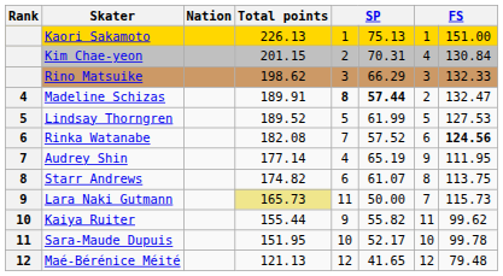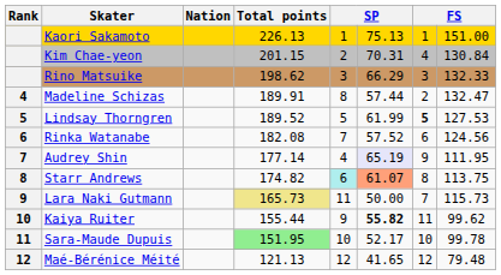 <table class="wikitable sortable" style="text-align:left">
 <tr>
 <th scope="col">Rank</th>
 <th scope="col">Skater</th>
 <th scope="col">Nation</th>
 <th scope="col">Total points</th>
 <th scope="col" colspan="2" width="80px"><a href='#'>SP</a></th>
 <th scope="col" colspan="2" width="80px"><a href='#'>FS</a></th>
 </tr>
 <tr bgcolor="gold">
 <th scope="row"></th>
 <td><a href='#'>Kaori Sakamoto</a></td>
 <td></td>
 <td align="center">226.13</td>
 <td align="center">1</td>
 <td align="center">75.13</td>
 <td align="center">1</td>
 <td align="center">151.00</td>
 </tr>
 <tr bgcolor="silver">
 <th scope="row"></th>
 <td><a href='#'>Kim Chae-yeon</a></td>
 <td></td>
 <td align="center">201.15</td>
 <td align="center">2</td>
 <td align="center">70.31</td>
 <td align="center">4</td>
 <td align="center">130.84</td>
 </tr>
 <tr bgcolor="cc9966">
 <th scope="row"></th>
 <td><a href='#'>Rino Matsuike</a></td>
 <td></td>
 <td align="center">198.62</td>
 <td align="center">3</td>
 <td align="center">66.29</td>
 <td align="center">3</td>
 <td align="center">132.33</td>
 </tr>
 <tr>
 <th scope="row">4</th>
 <td><a href='#'>Madeline Schizas</a></td>
 <td></td>
 <td align="center">189.91</td>
-<td align="center"><strong>8</strong></td>
-<td align="center"><strong>57.44</strong></td>
+<td align="center">8</td>
+<td align="center">57.44</td>
 <td align="center">2</td>
 <td align="center">132.47</td>
 </tr>
 <tr>
 <th scope="row">5</th>
 <td><a href='#'>Lindsay Thorngren</a></td>
 <td></td>
 <td align="center">189.52</td>
 <td align="center">5</td>
 <td align="center">61.99</td>
-<td align="center">5</td>
+<td align="center"><strong>5</strong></td>
 <td align="center">127.53</td>
 </tr>
 <tr>
 <th scope="row">6</th>
 <td><a href='#'>Rinka Watanabe</a></td>
 <td></td>
 <td align="center">182.08</td>
 <td align="center">7</td>
 <td align="center">57.52</td>
 <td align="center">6</td>
-<td align="center"><strong>124.56</strong></td>
+<td align="center">124.56</td>
 </tr>
 <tr>
 <th scope="row">7</th>
 <td><a href='#'>Audrey Shin</a></td>
 <td></td>
 <td align="center">177.14</td>
 <td align="center">4</td>
-<td align="center">65.19</td>
+<td align="center" style="background: lavender;">65.19</td>
 <td align="center">9</td>
 <td align="center">111.95</td>
 </tr>
 <tr>
 <th scope="row">8</th>
 <td><a href='#'>Starr Andrews</a></td>
 <td></td>
 <td align="center">174.82</td>
-<td align="center">6</td>
-<td align="center">61.07</td>
+<td align="center" style="background: paleturquoise;">6</td>
+<td align="center" style="background: lightsalmon;">61.07</td>
 <td align="center">8</td>
 <td align="center">113.75</td>
 </tr>
 <tr>
 <th scope="row">9</th>
 <td><a href='#'>Lara Naki Gutmann</a></td>
 <td></td>
 <td align="center" style="background: khaki;">165.73</td>
 <td align="center">11</td>
 <td align="center">50.00</td>
 <td align="center">7</td>
 <td align="center">115.73</td>
 </tr>
 <tr>
 <th scope="row">10</th>
 <td><a href='#'>Kaiya Ruiter</a></td>
 <td></td>
 <td align="center">155.44</td>
 <td align="center">9</td>
-<td align="center">55.82</td>
+<td align="center"><strong>55.82</strong></td>
 <td align="center">11</td>
 <td align="center">99.62</td>
 </tr>
 <tr>
 <th scope="row">11</th>
 <td><a href='#'>Sara-Maude Dupuis</a></td>
 <td></td>
-<td align="center">151.95</td>
+<td align="center" style="background: lightgreen;">151.95</td>
 <td align="center">10</td>
 <td align="center">52.17</td>
 <td align="center">10</td>
 <td align="center">99.78</td>
 </tr>
 <tr>
 <th scope="row">12</th>
 <td><a href='#'>Maé-Bérénice Méité</a></td>
 <td></td>
 <td align="center">121.13</td>
 <td align="center">12</td>
 <td align="center">41.65</td>
 <td align="center">12</td>
 <td align="center">79.48</td>
 </tr>
 </table>
